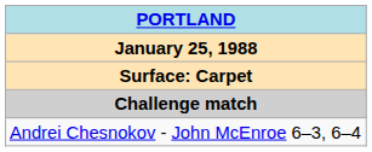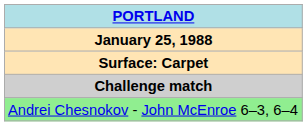 <table class="wikitable" style="font-size:95%;">
 <tr>
 <th colspan="2" style="background:#B0E0E6" width="300"><a href='#'>PORTLAND</a></th>
 </tr>
 <tr>
 <th colspan="2" style="background:#FFE5B4" width="300">January 25, 1988</th>
 </tr>
 <tr>
 <th colspan="2" style="background:#FFE5B4" width="300">Surface: Carpet</th>
 </tr>
 <tr>
 <th colspan="2" style="background:#cfcfcf" width="300">Challenge match</th>
 </tr>
 <tr>
-<td><a href='#'>Andrei Chesnokov</a> - <a href='#'>John McEnroe</a> 6–3, 6–4</td>
+<td style="background: lightgreen;"><a href='#'>Andrei Chesnokov</a> - <a href='#'>John McEnroe</a> 6–3, 6–4</td>
 </tr>
 </table>
